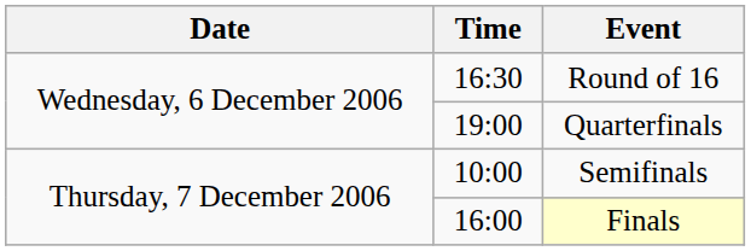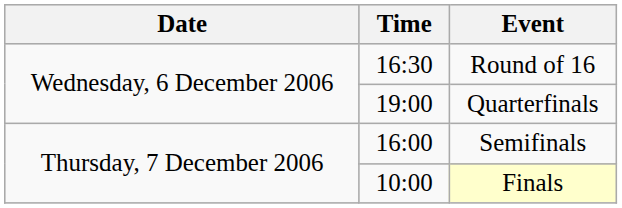 <table class = "wikitable" style="text-align:center;">
 <tr>
 <th width=220>Date</th>
 <th width=50>Time</th>
 <th width=100>Event</th>
 </tr>
 <tr>
 <td rowspan=2>Wednesday, 6 December 2006</td>
 <td>16:30</td>
 <td>Round of 16</td>
 </tr>
 <tr>
 <td>19:00</td>
 <td>Quarterfinals</td>
 </tr>
 <tr>
 <td rowspan=2>Thursday, 7 December 2006</td>
-<td>10:00</td>
+<td>16:00</td>
 <td>Semifinals</td>
 </tr>
 <tr>
-<td>16:00</td>
+<td>10:00</td>
 <td bgcolor=ffffcc>Finals</td>
 </tr>
 </table>
